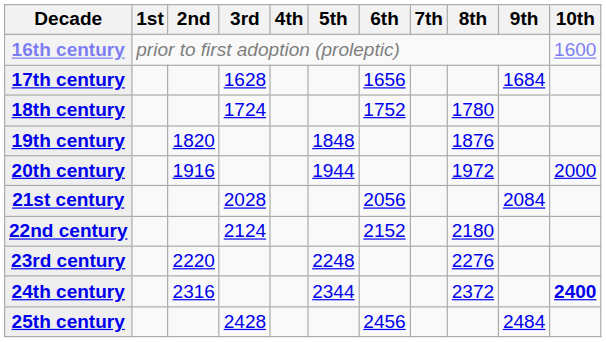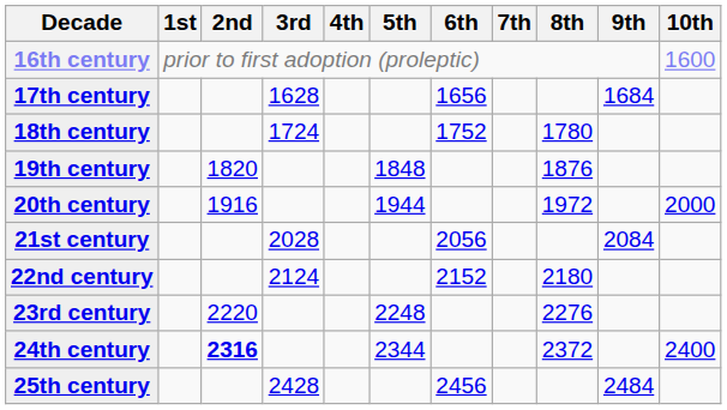 <table class="wikitable">
 <tr>
 <th scope=row>Decade</th>
 <th>1st</th>
 <th>2nd</th>
 <th>3rd</th>
 <th>4th</th>
 <th>5th</th>
 <th>6th</th>
 <th>7th</th>
 <th>8th</th>
 <th>9th</th>
 <th>10th</th>
 </tr>
 <tr style="opacity: 0.5;">
 <th style="background-color:#efefef;"><a href='#'>16th century</a></th>
 <td colspan=9><em>prior to first adoption (proleptic)</em></td>
 <td><a href='#'>1600</a></td>
 </tr>
 <tr>
 <th style="background-color:#efefef;"><a href='#'>17th century</a></th>
 <td></td>
 <td></td>
 <td><a href='#'>1628</a></td>
 <td></td>
 <td></td>
 <td><a href='#'>1656</a></td>
 <td></td>
 <td></td>
 <td><a href='#'>1684</a></td>
 <td></td>
 </tr>
 <tr>
 <th style="background-color:#efefef;"><a href='#'>18th century</a></th>
 <td></td>
 <td></td>
 <td><a href='#'>1724</a></td>
 <td></td>
 <td></td>
 <td><a href='#'>1752</a></td>
 <td></td>
 <td><a href='#'>1780</a></td>
 <td></td>
 <td></td>
 </tr>
 <tr>
 <th style="background-color:#efefef;"><a href='#'>19th century</a></th>
 <td></td>
 <td><a href='#'>1820</a></td>
 <td></td>
 <td></td>
 <td><a href='#'>1848</a></td>
 <td></td>
 <td></td>
 <td><a href='#'>1876</a></td>
 <td></td>
 <td></td>
 </tr>
 <tr>
 <th style="background-color:#efefef;"><a href='#'>20th century</a></th>
 <td></td>
 <td><a href='#'>1916</a></td>
 <td></td>
 <td></td>
 <td><a href='#'>1944</a></td>
 <td></td>
 <td></td>
 <td><a href='#'>1972</a></td>
 <td></td>
 <td><a href='#'>2000</a></td>
 </tr>
 <tr>
 <th style="background-color:#efefef;"><a href='#'>21st century</a></th>
 <td></td>
 <td></td>
 <td><a href='#'>2028</a></td>
 <td></td>
 <td></td>
 <td><a href='#'>2056</a></td>
 <td></td>
 <td></td>
 <td><a href='#'>2084</a></td>
 <td></td>
 </tr>
 <tr>
 <th style="background-color:#efefef;"><a href='#'>22nd century</a></th>
 <td></td>
 <td></td>
 <td><a href='#'>2124</a></td>
 <td></td>
 <td></td>
 <td><a href='#'>2152</a></td>
 <td></td>
 <td><a href='#'>2180</a></td>
 <td></td>
 <td></td>
 </tr>
 <tr>
 <th style="background-color:#efefef;"><a href='#'>23rd century</a></th>
 <td></td>
 <td><a href='#'>2220</a></td>
 <td></td>
 <td></td>
 <td><a href='#'>2248</a></td>
 <td></td>
 <td></td>
 <td><a href='#'>2276</a></td>
 <td></td>
 <td></td>
 </tr>
 <tr>
 <th style="background-color:#efefef;"><a href='#'>24th century</a></th>
 <td></td>
-<td><a href='#'>2316</a></td>
+<td><strong><a href='#'>2316</a></strong></td>
 <td></td>
 <td></td>
 <td><a href='#'>2344</a></td>
 <td></td>
 <td></td>
 <td><a href='#'>2372</a></td>
 <td></td>
-<td><strong><a href='#'>2400</a></strong></td>
+<td><a href='#'>2400</a></td>
 </tr>
 <tr>
 <th style="background-color:#efefef;"><a href='#'>25th century</a></th>
 <td></td>
 <td></td>
 <td><a href='#'>2428</a></td>
 <td></td>
 <td></td>
 <td><a href='#'>2456</a></td>
 <td></td>
 <td></td>
 <td><a href='#'>2484</a></td>
 <td></td>
 </tr>
 </table>
